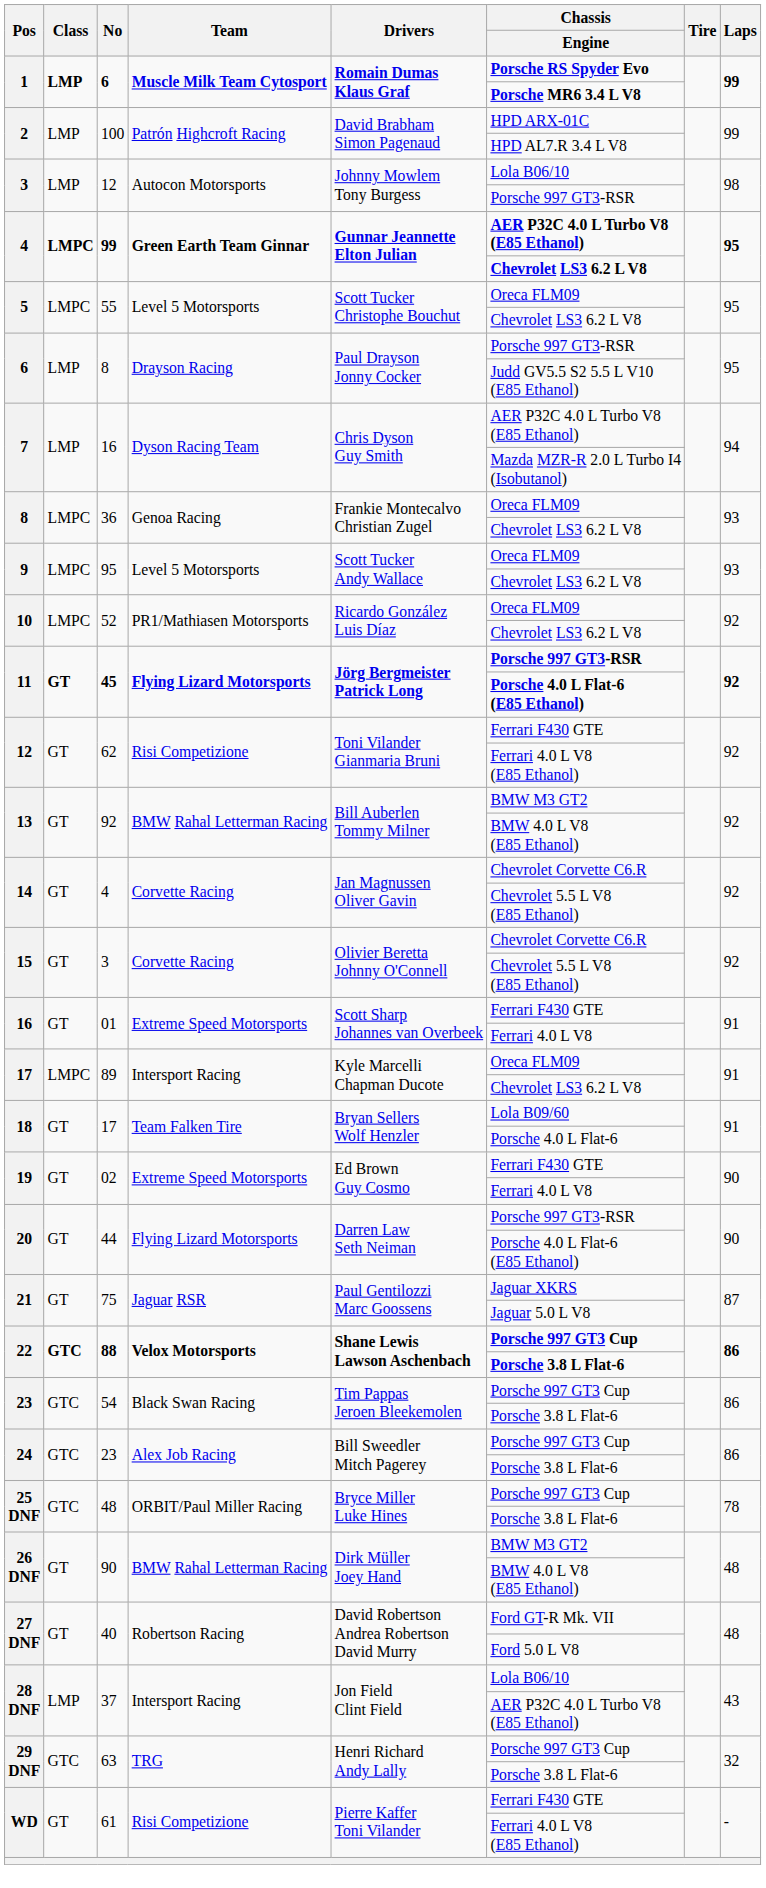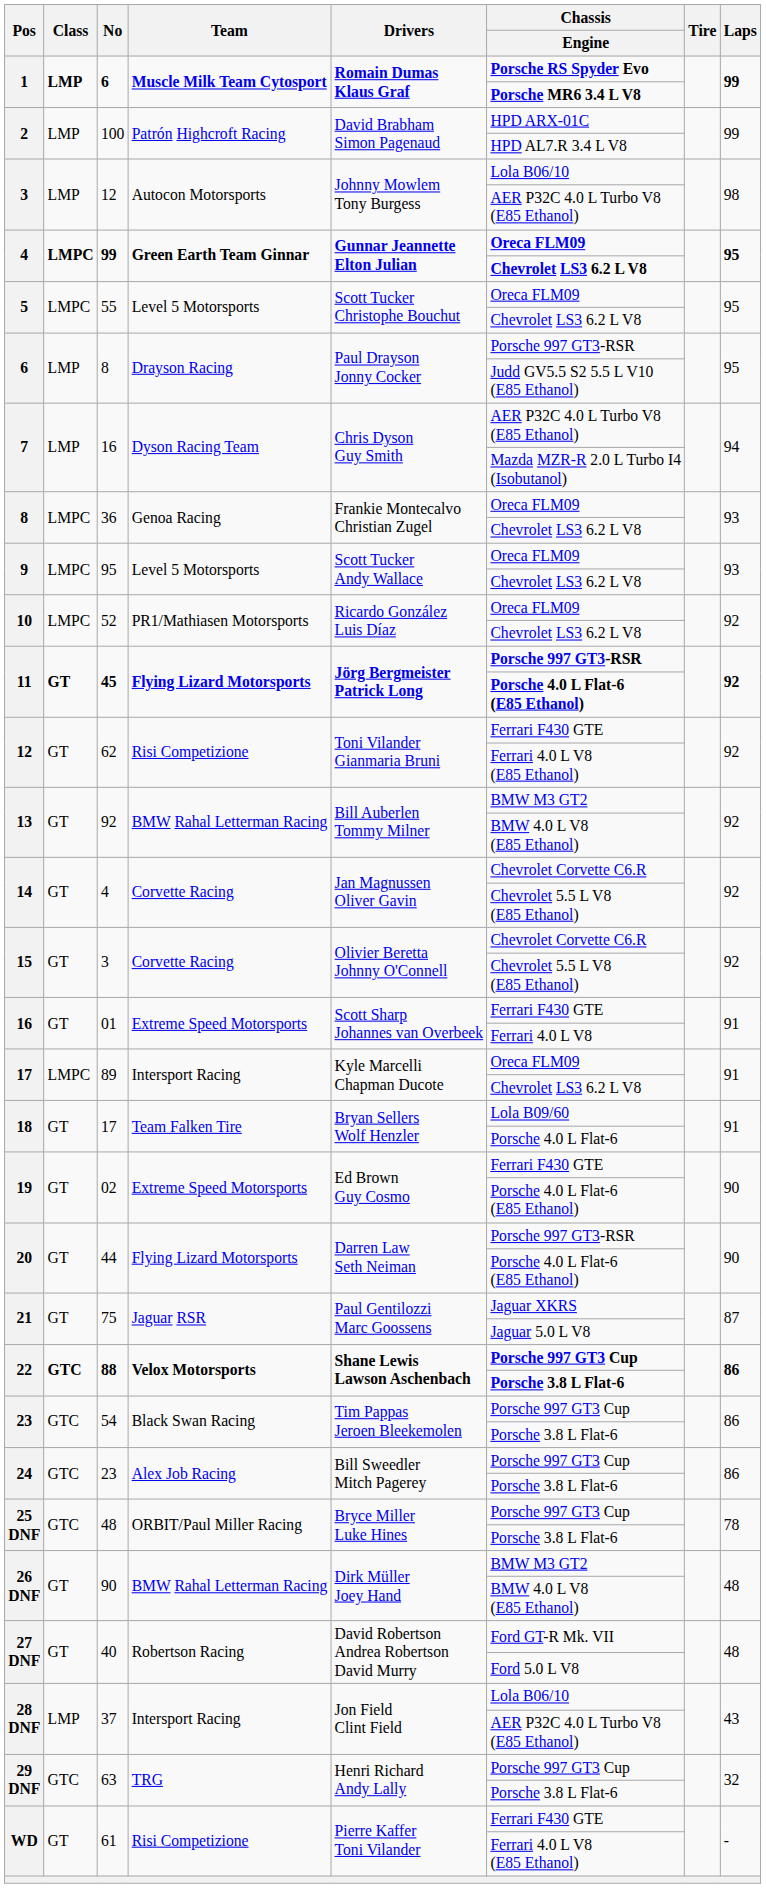 <table class="wikitable" style="font-size: 95%;">
 <tr>
 <th rowspan=2>Pos</th>
 <th rowspan=2>Class</th>
 <th rowspan=2>No</th>
 <th rowspan=2>Team</th>
 <th rowspan=2>Drivers</th>
 <th>Chassis</th>
 <th rowspan=2>Tire</th>
 <th rowspan=2>Laps</th>
 </tr>
 <tr>
 <th>Engine</th>
 </tr>
 <tr style="font-weight:bold">
 <th rowspan=2>1</th>
 <td rowspan=2>LMP</td>
 <td rowspan=2>6</td>
 <td rowspan=2> <a href='#'>Muscle Milk Team Cytosport</a></td>
 <td rowspan=2> <a href='#'>Romain Dumas</a><br> <a href='#'>Klaus Graf</a></td>
 <td><a href='#'>Porsche RS Spyder</a> Evo</td>
 <td rowspan=2></td>
 <td rowspan=2>99</td>
 </tr>
 <tr style="font-weight:bold">
 <td><a href='#'>Porsche</a> MR6 3.4 L V8</td>
 </tr>
 <tr>
 <th rowspan=2>2</th>
 <td rowspan=2>LMP</td>
 <td rowspan=2>100</td>
 <td rowspan=2> <a href='#'>Patrón</a> <a href='#'>Highcroft Racing</a></td>
 <td rowspan=2> <a href='#'>David Brabham</a><br> <a href='#'>Simon Pagenaud</a></td>
 <td><a href='#'>HPD ARX-01C</a></td>
 <td rowspan=2></td>
 <td rowspan=2>99</td>
 </tr>
 <tr>
 <td><a href='#'>HPD</a> AL7.R 3.4 L V8</td>
 </tr>
 <tr>
 <th rowspan=2>3</th>
 <td rowspan=2>LMP</td>
 <td rowspan=2>12</td>
 <td rowspan=2> Autocon Motorsports</td>
 <td rowspan=2> <a href='#'>Johnny Mowlem</a><br> Tony Burgess</td>
 <td><a href='#'>Lola B06/10</a></td>
 <td rowspan=2></td>
 <td rowspan=2>98</td>
 </tr>
 <tr>
-<td><a href='#'>Porsche 997 GT3</a>-RSR</td>
+<td><a href='#'>AER</a> P32C 4.0 L Turbo V8<br>(<a href='#'>E85 Ethanol</a>)</td>
 </tr>
 <tr style="font-weight:bold">
 <th rowspan=2>4</th>
 <td rowspan=2>LMPC</td>
 <td rowspan=2>99</td>
 <td rowspan=2> Green Earth Team Ginnar</td>
 <td rowspan=2> <a href='#'>Gunnar Jeannette</a><br> <a href='#'>Elton Julian</a></td>
-<td><a href='#'>AER</a> P32C 4.0 L Turbo V8<br>(<a href='#'>E85 Ethanol</a>)</td>
+<td><a href='#'>Oreca FLM09</a></td>
 <td rowspan=2></td>
 <td rowspan=2>95</td>
 </tr>
 <tr style="font-weight:bold">
 <td><a href='#'>Chevrolet</a> <a href='#'>LS3</a> 6.2 L V8</td>
 </tr>
 <tr>
 <th rowspan=2>5</th>
 <td rowspan=2>LMPC</td>
 <td rowspan=2>55</td>
 <td rowspan=2> Level 5 Motorsports</td>
 <td rowspan=2> <a href='#'>Scott Tucker</a><br> <a href='#'>Christophe Bouchut</a></td>
 <td><a href='#'>Oreca FLM09</a></td>
 <td rowspan=2></td>
 <td rowspan=2>95</td>
 </tr>
 <tr>
 <td><a href='#'>Chevrolet</a> <a href='#'>LS3</a> 6.2 L V8</td>
 </tr>
 <tr>
 <th rowspan=2>6</th>
 <td rowspan=2>LMP</td>
 <td rowspan=2>8</td>
 <td rowspan=2> <a href='#'>Drayson Racing</a></td>
 <td rowspan=2> <a href='#'>Paul Drayson</a><br> <a href='#'>Jonny Cocker</a></td>
 <td><a href='#'>Porsche 997 GT3</a>-RSR</td>
 <td rowspan=2></td>
 <td rowspan=2>95</td>
 </tr>
 <tr>
 <td><a href='#'>Judd</a> GV5.5 S2 5.5 L V10<br>(<a href='#'>E85 Ethanol</a>)</td>
 </tr>
 <tr>
 <th rowspan=2>7</th>
 <td rowspan=2>LMP</td>
 <td rowspan=2>16</td>
 <td rowspan=2> <a href='#'>Dyson Racing Team</a></td>
 <td rowspan=2> <a href='#'>Chris Dyson</a><br> <a href='#'>Guy Smith</a></td>
 <td><a href='#'>AER</a> P32C 4.0 L Turbo V8<br>(<a href='#'>E85 Ethanol</a>)</td>
 <td rowspan=2></td>
 <td rowspan=2>94</td>
 </tr>
 <tr>
 <td><a href='#'>Mazda</a> <a href='#'>MZR-R</a> 2.0 L Turbo I4<br>(<a href='#'>Isobutanol</a>)</td>
 </tr>
 <tr>
 <th rowspan=2>8</th>
 <td rowspan=2>LMPC</td>
 <td rowspan=2>36</td>
 <td rowspan=2> Genoa Racing</td>
 <td rowspan=2> Frankie Montecalvo<br> Christian Zugel</td>
 <td><a href='#'>Oreca FLM09</a></td>
 <td rowspan=2></td>
 <td rowspan=2>93</td>
 </tr>
 <tr>
 <td><a href='#'>Chevrolet</a> <a href='#'>LS3</a> 6.2 L V8</td>
 </tr>
 <tr>
 <th rowspan=2>9</th>
 <td rowspan=2>LMPC</td>
 <td rowspan=2>95</td>
 <td rowspan=2> Level 5 Motorsports</td>
 <td rowspan=2> <a href='#'>Scott Tucker</a><br> <a href='#'>Andy Wallace</a></td>
 <td><a href='#'>Oreca FLM09</a></td>
 <td rowspan=2></td>
 <td rowspan=2>93</td>
 </tr>
 <tr>
 <td><a href='#'>Chevrolet</a> <a href='#'>LS3</a> 6.2 L V8</td>
 </tr>
 <tr>
 <th rowspan=2>10</th>
 <td rowspan=2>LMPC</td>
 <td rowspan=2>52</td>
 <td rowspan=2> PR1/Mathiasen Motorsports</td>
 <td rowspan=2> <a href='#'>Ricardo González</a><br> <a href='#'>Luis Díaz</a></td>
 <td><a href='#'>Oreca FLM09</a></td>
 <td rowspan=2></td>
 <td rowspan=2>92</td>
 </tr>
 <tr>
 <td><a href='#'>Chevrolet</a> <a href='#'>LS3</a> 6.2 L V8</td>
 </tr>
 <tr style="font-weight:bold">
 <th rowspan=2>11</th>
 <td rowspan=2>GT</td>
 <td rowspan=2>45</td>
 <td rowspan=2> <a href='#'>Flying Lizard Motorsports</a></td>
 <td rowspan=2> <a href='#'>Jörg Bergmeister</a><br> <a href='#'>Patrick Long</a></td>
 <td><a href='#'>Porsche 997 GT3</a>-RSR</td>
 <td rowspan=2></td>
 <td rowspan=2>92</td>
 </tr>
 <tr style="font-weight:bold">
 <td><a href='#'>Porsche</a> 4.0 L Flat-6<br>(<a href='#'>E85 Ethanol</a>)</td>
 </tr>
 <tr>
 <th rowspan=2>12</th>
 <td rowspan=2>GT</td>
 <td rowspan=2>62</td>
 <td rowspan=2> <a href='#'>Risi Competizione</a></td>
 <td rowspan=2> <a href='#'>Toni Vilander</a><br> <a href='#'>Gianmaria Bruni</a></td>
 <td><a href='#'>Ferrari F430</a> GTE</td>
 <td rowspan=2></td>
 <td rowspan=2>92</td>
 </tr>
 <tr>
 <td><a href='#'>Ferrari</a> 4.0 L V8<br>(<a href='#'>E85 Ethanol</a>)</td>
 </tr>
 <tr>
 <th rowspan=2>13</th>
 <td rowspan=2>GT</td>
 <td rowspan=2>92</td>
 <td rowspan=2> <a href='#'>BMW</a> <a href='#'>Rahal Letterman Racing</a></td>
 <td rowspan=2> <a href='#'>Bill Auberlen</a><br> <a href='#'>Tommy Milner</a></td>
 <td><a href='#'>BMW M3 GT2</a></td>
 <td rowspan=2></td>
 <td rowspan=2>92</td>
 </tr>
 <tr>
 <td><a href='#'>BMW</a> 4.0 L V8<br>(<a href='#'>E85 Ethanol</a>)</td>
 </tr>
 <tr>
 <th rowspan=2>14</th>
 <td rowspan=2>GT</td>
 <td rowspan=2>4</td>
 <td rowspan=2> <a href='#'>Corvette Racing</a></td>
 <td rowspan=2> <a href='#'>Jan Magnussen</a><br> <a href='#'>Oliver Gavin</a></td>
 <td><a href='#'>Chevrolet Corvette C6.R</a></td>
 <td rowspan=2></td>
 <td rowspan=2>92</td>
 </tr>
 <tr>
 <td><a href='#'>Chevrolet</a> 5.5 L V8<br>(<a href='#'>E85 Ethanol</a>)</td>
 </tr>
 <tr>
 <th rowspan=2>15</th>
 <td rowspan=2>GT</td>
 <td rowspan=2>3</td>
 <td rowspan=2> <a href='#'>Corvette Racing</a></td>
 <td rowspan=2> <a href='#'>Olivier Beretta</a><br> <a href='#'>Johnny O'Connell</a></td>
 <td><a href='#'>Chevrolet Corvette C6.R</a></td>
 <td rowspan=2></td>
 <td rowspan=2>92</td>
 </tr>
 <tr>
 <td><a href='#'>Chevrolet</a> 5.5 L V8<br>(<a href='#'>E85 Ethanol</a>)</td>
 </tr>
 <tr>
 <th rowspan=2>16</th>
 <td rowspan=2>GT</td>
 <td rowspan=2>01</td>
 <td rowspan=2> <a href='#'>Extreme Speed Motorsports</a></td>
 <td rowspan=2> <a href='#'>Scott Sharp</a><br> <a href='#'>Johannes van Overbeek</a></td>
 <td><a href='#'>Ferrari F430</a> GTE</td>
 <td rowspan=2></td>
 <td rowspan=2>91</td>
 </tr>
 <tr>
 <td><a href='#'>Ferrari</a> 4.0 L V8</td>
 </tr>
 <tr>
 <th rowspan=2>17</th>
 <td rowspan=2>LMPC</td>
 <td rowspan=2>89</td>
 <td rowspan=2> Intersport Racing</td>
 <td rowspan=2> Kyle Marcelli<br> Chapman Ducote</td>
 <td><a href='#'>Oreca FLM09</a></td>
 <td rowspan=2></td>
 <td rowspan=2>91</td>
 </tr>
 <tr>
 <td><a href='#'>Chevrolet</a> <a href='#'>LS3</a> 6.2 L V8</td>
 </tr>
 <tr>
 <th rowspan=2>18</th>
 <td rowspan=2>GT</td>
 <td rowspan=2>17</td>
 <td rowspan=2> <a href='#'>Team Falken Tire</a></td>
 <td rowspan=2> <a href='#'>Bryan Sellers</a><br> <a href='#'>Wolf Henzler</a></td>
 <td><a href='#'>Lola B09/60</a></td>
 <td rowspan=2></td>
 <td rowspan=2>91</td>
 </tr>
 <tr>
 <td><a href='#'>Porsche</a> 4.0 L Flat-6</td>
 </tr>
 <tr>
 <th rowspan=2>19</th>
 <td rowspan=2>GT</td>
 <td rowspan=2>02</td>
 <td rowspan=2> <a href='#'>Extreme Speed Motorsports</a></td>
 <td rowspan=2> Ed Brown<br> <a href='#'>Guy Cosmo</a></td>
 <td><a href='#'>Ferrari F430</a> GTE</td>
 <td rowspan=2></td>
 <td rowspan=2>90</td>
 </tr>
 <tr>
-<td><a href='#'>Ferrari</a> 4.0 L V8</td>
+<td><a href='#'>Porsche</a> 4.0 L Flat-6<br>(<a href='#'>E85 Ethanol</a>)</td>
 </tr>
 <tr>
 <th rowspan=2>20</th>
 <td rowspan=2>GT</td>
 <td rowspan=2>44</td>
 <td rowspan=2> <a href='#'>Flying Lizard Motorsports</a></td>
 <td rowspan=2> <a href='#'>Darren Law</a><br> <a href='#'>Seth Neiman</a></td>
 <td><a href='#'>Porsche 997 GT3</a>-RSR</td>
 <td rowspan=2></td>
 <td rowspan=2>90</td>
 </tr>
 <tr>
 <td><a href='#'>Porsche</a> 4.0 L Flat-6<br>(<a href='#'>E85 Ethanol</a>)</td>
 </tr>
 <tr>
 <th rowspan=2>21</th>
 <td rowspan=2>GT</td>
 <td rowspan=2>75</td>
 <td rowspan=2> <a href='#'>Jaguar</a> <a href='#'>RSR</a></td>
 <td rowspan=2> <a href='#'>Paul Gentilozzi</a><br> <a href='#'>Marc Goossens</a></td>
 <td><a href='#'>Jaguar XKRS</a></td>
 <td rowspan=2></td>
 <td rowspan=2>87</td>
 </tr>
 <tr>
 <td><a href='#'>Jaguar</a> 5.0 L V8</td>
 </tr>
 <tr style="font-weight:bold">
 <th rowspan=2>22</th>
 <td rowspan=2>GTC</td>
 <td rowspan=2>88</td>
 <td rowspan=2> Velox Motorsports</td>
 <td rowspan=2> Shane Lewis<br> Lawson Aschenbach</td>
 <td><a href='#'>Porsche 997 GT3</a> Cup</td>
 <td rowspan=2></td>
 <td rowspan=2>86</td>
 </tr>
 <tr style="font-weight:bold">
 <td><a href='#'>Porsche</a> 3.8 L Flat-6</td>
 </tr>
 <tr>
 <th rowspan=2>23</th>
 <td rowspan=2>GTC</td>
 <td rowspan=2>54</td>
 <td rowspan=2> Black Swan Racing</td>
 <td rowspan=2> <a href='#'>Tim Pappas</a><br> <a href='#'>Jeroen Bleekemolen</a></td>
 <td><a href='#'>Porsche 997 GT3</a> Cup</td>
 <td rowspan=2></td>
 <td rowspan=2>86</td>
 </tr>
 <tr>
 <td><a href='#'>Porsche</a> 3.8 L Flat-6</td>
 </tr>
 <tr>
 <th rowspan=2>24</th>
 <td rowspan=2>GTC</td>
 <td rowspan=2>23</td>
 <td rowspan=2> <a href='#'>Alex Job Racing</a></td>
 <td rowspan=2> Bill Sweedler<br> Mitch Pagerey</td>
 <td><a href='#'>Porsche 997 GT3</a> Cup</td>
 <td rowspan=2></td>
 <td rowspan=2>86</td>
 </tr>
 <tr>
 <td><a href='#'>Porsche</a> 3.8 L Flat-6</td>
 </tr>
 <tr>
 <th rowspan=2>25<br>DNF</th>
 <td rowspan=2>GTC</td>
 <td rowspan=2>48</td>
 <td rowspan=2> ORBIT/Paul Miller Racing</td>
 <td rowspan=2> <a href='#'>Bryce Miller</a><br> <a href='#'>Luke Hines</a></td>
 <td><a href='#'>Porsche 997 GT3</a> Cup</td>
 <td rowspan=2></td>
 <td rowspan=2>78</td>
 </tr>
 <tr>
 <td><a href='#'>Porsche</a> 3.8 L Flat-6</td>
 </tr>
 <tr>
 <th rowspan=2>26<br>DNF</th>
 <td rowspan=2>GT</td>
 <td rowspan=2>90</td>
 <td rowspan=2> <a href='#'>BMW</a> <a href='#'>Rahal Letterman Racing</a></td>
 <td rowspan=2> <a href='#'>Dirk Müller</a><br> <a href='#'>Joey Hand</a></td>
 <td><a href='#'>BMW M3 GT2</a></td>
 <td rowspan=2></td>
 <td rowspan=2>48</td>
 </tr>
 <tr>
 <td><a href='#'>BMW</a> 4.0 L V8<br>(<a href='#'>E85 Ethanol</a>)</td>
 </tr>
 <tr>
 <th rowspan=2>27<br>DNF</th>
 <td rowspan=2>GT</td>
 <td rowspan=2>40</td>
 <td rowspan=2> Robertson Racing</td>
 <td rowspan=2> David Robertson<br> Andrea Robertson<br> David Murry</td>
 <td><a href='#'>Ford GT</a>-R Mk. VII</td>
 <td rowspan=2></td>
 <td rowspan=2>48</td>
 </tr>
 <tr>
 <td><a href='#'>Ford</a> 5.0 L V8</td>
 </tr>
 <tr>
 <th rowspan=2>28<br>DNF</th>
 <td rowspan=2>LMP</td>
 <td rowspan=2>37</td>
 <td rowspan=2> Intersport Racing</td>
 <td rowspan=2> Jon Field<br> Clint Field</td>
 <td><a href='#'>Lola B06/10</a></td>
 <td rowspan=2></td>
 <td rowspan=2>43</td>
 </tr>
 <tr>
 <td><a href='#'>AER</a> P32C 4.0 L Turbo V8<br>(<a href='#'>E85 Ethanol</a>)</td>
 </tr>
 <tr>
 <th rowspan=2>29<br>DNF</th>
 <td rowspan=2>GTC</td>
 <td rowspan=2>63</td>
 <td rowspan=2> <a href='#'>TRG</a></td>
 <td rowspan=2> Henri Richard<br> <a href='#'>Andy Lally</a></td>
 <td><a href='#'>Porsche 997 GT3</a> Cup</td>
 <td rowspan=2></td>
 <td rowspan=2>32</td>
 </tr>
 <tr>
 <td><a href='#'>Porsche</a> 3.8 L Flat-6</td>
 </tr>
 <tr>
 <th rowspan=2>WD</th>
 <td rowspan=2>GT</td>
 <td rowspan=2>61</td>
 <td rowspan=2> <a href='#'>Risi Competizione</a></td>
 <td rowspan=2> <a href='#'>Pierre Kaffer</a><br> <a href='#'>Toni Vilander</a></td>
 <td><a href='#'>Ferrari F430</a> GTE</td>
 <td rowspan=2></td>
 <td rowspan=2>-</td>
 </tr>
 <tr>
 <td><a href='#'>Ferrari</a> 4.0 L V8<br>(<a href='#'>E85 Ethanol</a>)</td>
 </tr>
 <tr>
 <th colspan=8> </th>
 </tr>
 </table>
